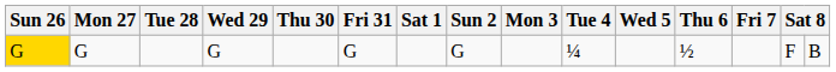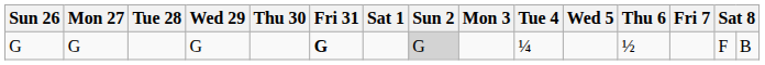 <table class="wikitable olympic-schedule basketball">
 <tr>
 <th>Sun 26</th>
 <th>Mon 27</th>
 <th>Tue 28</th>
 <th>Wed 29</th>
 <th>Thu 30</th>
 <th>Fri 31</th>
 <th>Sat 1</th>
 <th>Sun 2</th>
 <th>Mon 3</th>
 <th>Tue 4</th>
 <th>Wed 5</th>
 <th>Thu 6</th>
 <th colspan="2">Fri 7</th>
 <th colspan="2">Sat 8</th>
 </tr>
 <tr>
-<td class="team-group" style="background: gold;">G</td>
+<td class="team-group">G</td>
 <td class="team-group">G</td>
 <td></td>
 <td class="team-group">G</td>
 <td></td>
-<td class="team-group">G</td>
+<td class="team-group"><strong>G</strong></td>
 <td></td>
-<td class="team-group">G</td>
+<td class="team-group" style="background: lightgrey;">G</td>
 <td></td>
 <td class="team-qf">¼</td>
 <td></td>
 <td class="team-sf">½</td>
 <td colspan=2></td>
 <td class="team-final">F</td>
 <td class="team-bronze">B</td>
 </tr>
 </table>
